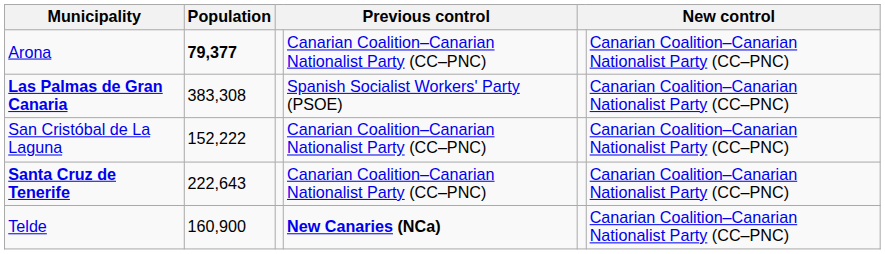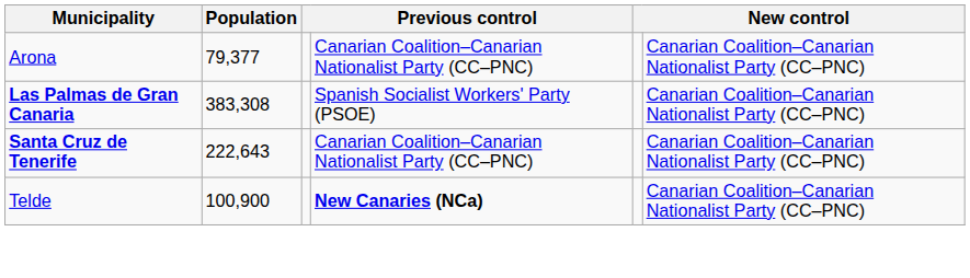 <table class="wikitable sortable">
 <tr>
 <th>Municipality</th>
 <th>Population</th>
 <th colspan="2" style="width:375px;">Previous control</th>
 <th colspan="2" style="width:375px;">New control</th>
 </tr>
 <tr>
 <td><a href='#'>Arona</a></td>
-<td><strong>79,377</strong></td>
+<td>79,377</td>
 <td width="1" style="color:inherit;background:"></td>
 <td><a href='#'>Canarian Coalition–Canarian Nationalist Party</a> (CC–PNC)</td>
 <td width="1" style="color:inherit;background:"></td>
 <td><a href='#'>Canarian Coalition–Canarian Nationalist Party</a> (CC–PNC)</td>
 </tr>
 <tr>
 <td><strong><a href='#'>Las Palmas de Gran Canaria</a></strong></td>
 <td>383,308</td>
 <td style="color:inherit;background:"></td>
 <td><a href='#'>Spanish Socialist Workers' Party</a> (PSOE)</td>
 <td style="color:inherit;background:"></td>
 <td><a href='#'>Canarian Coalition–Canarian Nationalist Party</a> (CC–PNC)</td>
 </tr>
 <tr>
-<td><a href='#'>San Cristóbal de La Laguna</a></td>
-<td>152,222</td>
-<td style="color:inherit;background:"></td>
-<td><a href='#'>Canarian Coalition–Canarian Nationalist Party</a> (CC–PNC)</td>
-<td style="color:inherit;background:"></td>
-<td><a href='#'>Canarian Coalition–Canarian Nationalist Party</a> (CC–PNC)</td>
-</tr>
-<tr>
 <td><strong><a href='#'>Santa Cruz de Tenerife</a></strong></td>
 <td>222,643</td>
 <td style="color:inherit;background:"></td>
 <td><a href='#'>Canarian Coalition–Canarian Nationalist Party</a> (CC–PNC)</td>
 <td style="color:inherit;background:"></td>
 <td><a href='#'>Canarian Coalition–Canarian Nationalist Party</a> (CC–PNC)</td>
 </tr>
 <tr>
 <td><a href='#'>Telde</a></td>
-<td>160,900</td>
+<td>100,900</td>
 <td style="color:inherit;background:"></td>
 <td><strong><a href='#'>New Canaries</a> (NCa)</strong></td>
 <td style="color:inherit;background:"></td>
 <td><a href='#'>Canarian Coalition–Canarian Nationalist Party</a> (CC–PNC)</td>
 </tr>
 </table>
